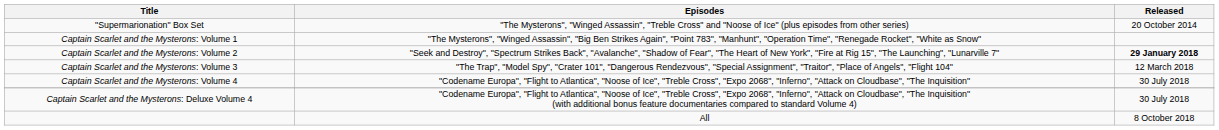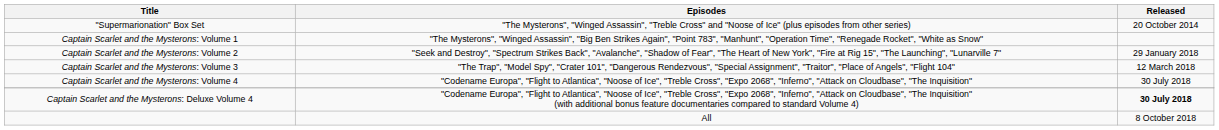 <table class="wikitable" style="width: 100%; text-align: center; font-size: 90%">
 <tr>
 <th>Title</th>
 <th>Episodes</th>
 <th>Released</th>
 </tr>
 <tr>
 <td>"Supermarionation" Box Set</td>
 <td>"The Mysterons", "Winged Assassin", "Treble Cross" and "Noose of Ice" (plus episodes from other series)</td>
 <td>20 October 2014</td>
 </tr>
 <tr>
 <td><em>Captain Scarlet and the Mysterons</em>: Volume 1</td>
 <td>"The Mysterons", "Winged Assassin", "Big Ben Strikes Again", "Point 783", "Manhunt", "Operation Time", "Renegade Rocket", "White as Snow"</td>
 <td></td>
 </tr>
 <tr>
 <td><em>Captain Scarlet and the Mysterons</em>: Volume 2</td>
 <td>"Seek and Destroy", "Spectrum Strikes Back", "Avalanche", "Shadow of Fear", "The Heart of New York", "Fire at Rig 15", "The Launching", "Lunarville 7"</td>
-<td><strong>29 January 2018</strong></td>
+<td>29 January 2018</td>
 </tr>
 <tr>
 <td><em>Captain Scarlet and the Mysterons</em>: Volume 3</td>
 <td>"The Trap", "Model Spy", "Crater 101", "Dangerous Rendezvous", "Special Assignment", "Traitor", "Place of Angels", "Flight 104"</td>
 <td>12 March 2018</td>
 </tr>
 <tr>
 <td><em>Captain Scarlet and the Mysterons</em>: Volume 4</td>
 <td>"Codename Europa", "Flight to Atlantica", "Noose of Ice", "Treble Cross", "Expo 2068", "Inferno", "Attack on Cloudbase", "The Inquisition"</td>
 <td>30 July 2018</td>
 </tr>
 <tr>
 </tr>
 <tr>
 <td><em>Captain Scarlet and the Mysterons</em>: Deluxe Volume 4</td>
 <td>"Codename Europa", "Flight to Atlantica", "Noose of Ice", "Treble Cross", "Expo 2068", "Inferno", "Attack on Cloudbase", "The Inquisition"<br>(with additional bonus feature documentaries compared to standard Volume 4)</td>
-<td>30 July 2018</td>
+<td><strong>30 July 2018</strong></td>
 </tr>
 <tr>
 <td></td>
 <td>All</td>
 <td>8 October 2018</td>
 </tr>
 </table>
